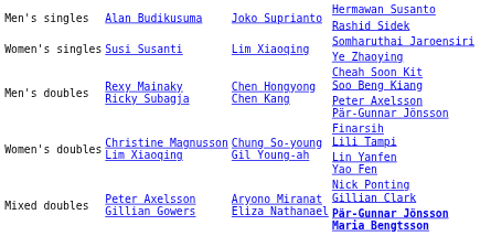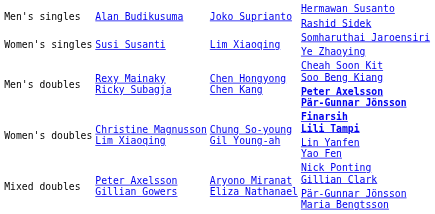 <table>
 <tr>
 <td rowspan=2>Men's singles</td>
 <td rowspan=2> <a href='#'>Alan Budikusuma</a></td>
 <td rowspan=2> <a href='#'>Joko Suprianto</a></td>
 <td> <a href='#'>Hermawan Susanto</a></td>
 </tr>
 <tr>
 <td> <a href='#'>Rashid Sidek</a></td>
 </tr>
 <tr>
 <td rowspan=2>Women's singles</td>
 <td rowspan=2> <a href='#'>Susi Susanti</a></td>
 <td rowspan=2> <a href='#'>Lim Xiaoqing</a></td>
 <td> <a href='#'>Somharuthai Jaroensiri</a></td>
 </tr>
 <tr>
 <td> <a href='#'>Ye Zhaoying</a></td>
 </tr>
 <tr>
 <td rowspan=2>Men's doubles</td>
 <td rowspan=2> <a href='#'>Rexy Mainaky</a> <br>  <a href='#'>Ricky Subagja</a></td>
 <td rowspan=2> <a href='#'>Chen Hongyong</a> <br>  <a href='#'>Chen Kang</a></td>
 <td> <a href='#'>Cheah Soon Kit</a> <br>  <a href='#'>Soo Beng Kiang</a></td>
 </tr>
 <tr>
-<td> <a href='#'>Peter Axelsson</a> <br>  <a href='#'>Pär-Gunnar Jönsson</a></td>
+<td><strong> <a href='#'>Peter Axelsson</a> <br>  <a href='#'>Pär-Gunnar Jönsson</a></strong></td>
 </tr>
 <tr>
 <td rowspan=2>Women's doubles</td>
 <td rowspan=2> <a href='#'>Christine Magnusson</a> <br>  <a href='#'>Lim Xiaoqing</a></td>
 <td rowspan=2> <a href='#'>Chung So-young</a> <br>  <a href='#'>Gil Young-ah</a></td>
-<td> <a href='#'>Finarsih</a> <br>  <a href='#'>Lili Tampi</a></td>
+<td><strong> <a href='#'>Finarsih</a> <br>  <a href='#'>Lili Tampi</a></strong></td>
 </tr>
 <tr>
 <td> <a href='#'>Lin Yanfen</a> <br>  <a href='#'>Yao Fen</a></td>
 </tr>
 <tr>
 <td rowspan=2>Mixed doubles</td>
 <td rowspan=2> <a href='#'>Peter Axelsson</a><br>  <a href='#'>Gillian Gowers</a></td>
 <td rowspan=2> <a href='#'>Aryono Miranat</a> <br>  <a href='#'>Eliza Nathanael</a></td>
 <td> <a href='#'>Nick Ponting</a> <br>  <a href='#'>Gillian Clark</a></td>
 </tr>
 <tr>
-<td><strong> <a href='#'>Pär-Gunnar Jönsson</a> <br>  <a href='#'>Maria Bengtsson</a></strong></td>
+<td> <a href='#'>Pär-Gunnar Jönsson</a> <br>  <a href='#'>Maria Bengtsson</a></td>
 </tr>
 </table>
